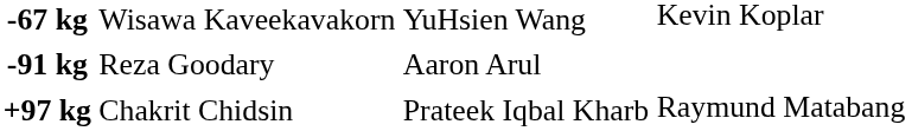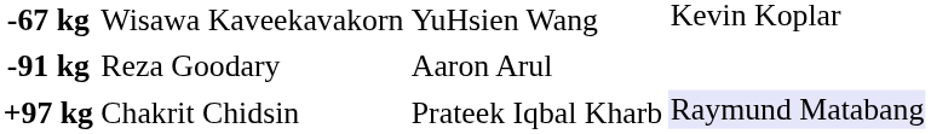 <table>
 <tr>
 <th scope=row rowspan=2>-67 kg</th>
 <td rowspan=2> Wisawa Kaveekavakorn</td>
 <td rowspan=2> YuHsien Wang</td>
 <td> Kevin Koplar</td>
 </tr>
 <tr>
 <td></td>
 </tr>
 <tr>
 <th scope=row rowspan=2>-91 kg</th>
 <td rowspan=2> Reza Goodary</td>
 <td rowspan=2> Aaron Arul</td>
 <td></td>
 </tr>
 <tr>
 <td></td>
 </tr>
 <tr>
 <th scope=row rowspan=2>+97 kg</th>
 <td rowspan=2> Chakrit Chidsin</td>
 <td rowspan=2> Prateek Iqbal Kharb</td>
-<td> Raymund Matabang</td>
+<td style="background: lavender;"> Raymund Matabang</td>
 </tr>
 <tr>
 <td></td>
 </tr>
 <tr>
 </tr>
 <tr>
 </tr>
 </table>
